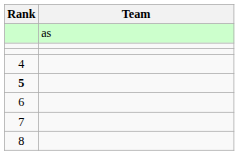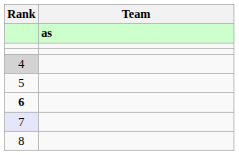 <table class=wikitable style="text-align:center;">
 <tr>
 <th width=35>Rank</th>
 <th width=250>Team</th>
 </tr>
 <tr bgcolor=#ccffcc>
 <td></td>
-<td align=left> as </td>
+<td align=left><strong> as </strong></td>
 </tr>
 <tr>
 <td></td>
 <td align=left></td>
 </tr>
 <tr>
 <td></td>
 <td align=left></td>
 </tr>
 <tr>
-<td>4</td>
+<td style="background: lightgrey;">4</td>
 <td align=left></td>
 </tr>
 <tr>
-<td><strong>5</strong></td>
+<td>5</td>
 <td align=left></td>
 </tr>
 <tr>
-<td>6</td>
+<td><strong>6</strong></td>
 <td align=left></td>
 </tr>
 <tr>
-<td>7</td>
+<td style="background: lavender;">7</td>
 <td align=left></td>
 </tr>
 <tr>
 <td>8</td>
 <td align=left></td>
 </tr>
 </table>
